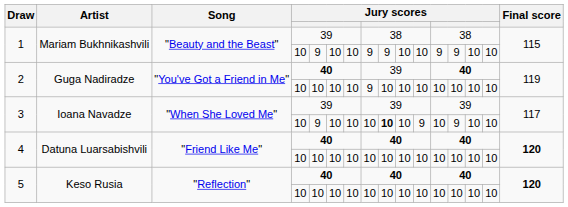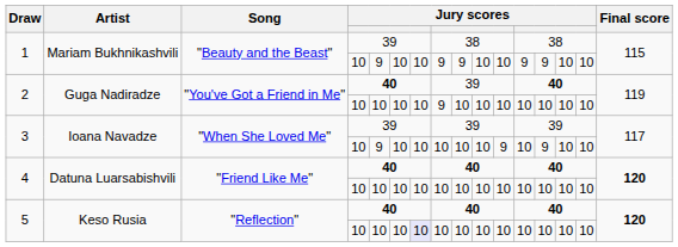 <table class="sortable wikitable" style="text-align:center;margin:1em auto 1em auto">
 <tr>
 <th scope="col" rowspan=2>Draw</th>
 <th scope="col" rowspan=2>Artist</th>
 <th scope="col" rowspan=2>Song</th>
 <th scope="col" colspan=12>Jury scores</th>
 <th scope="col" rowspan=2>Final score</th>
 </tr>
 <tr>
 <th scope="col" class="unsortable" colspan=4><small></small></th>
 <th scope="col" class="unsortable" colspan=4><small></small></th>
 <th scope="col" class="unsortable" colspan=4><small></small></th>
 </tr>
 <tr>
 <td rowspan=2>1</td>
 <td rowspan=2>Mariam Bukhnikashvili</td>
 <td rowspan=2>"<a href='#'>Beauty and the Beast</a>"<br></td>
 <td colspan=4>39</td>
 <td colspan=4>38</td>
 <td colspan=4>38</td>
 <td rowspan=2>115</td>
 </tr>
 <tr>
 <td>10</td>
 <td>9</td>
 <td>10</td>
 <td>10</td>
 <td>9</td>
 <td>9</td>
 <td>10</td>
 <td>10</td>
 <td>9</td>
 <td>9</td>
 <td>10</td>
 <td>10</td>
 </tr>
 <tr>
 <td rowspan=2>2</td>
 <td rowspan=2>Guga Nadiradze</td>
 <td rowspan=2>"<a href='#'>You've Got a Friend in Me</a>"<br></td>
 <td colspan=4><strong>40</strong></td>
 <td colspan=4>39</td>
 <td colspan=4><strong>40</strong></td>
 <td rowspan=2>119</td>
 </tr>
 <tr>
 <td>10</td>
 <td>10</td>
 <td>10</td>
 <td>10</td>
 <td>9</td>
 <td>10</td>
 <td>10</td>
 <td>10</td>
 <td>10</td>
 <td>10</td>
 <td>10</td>
 <td>10</td>
 </tr>
 <tr>
 <td rowspan=2>3</td>
 <td rowspan=2>Ioana Navadze</td>
 <td rowspan=2>"<a href='#'>When She Loved Me</a>"<br></td>
 <td colspan=4>39</td>
 <td colspan=4>39</td>
 <td colspan=4>39</td>
 <td rowspan=2>117</td>
 </tr>
 <tr>
 <td>10</td>
 <td>9</td>
 <td>10</td>
 <td>10</td>
 <td>10</td>
-<td><strong>10</strong></td>
+<td>10</td>
 <td>10</td>
 <td>9</td>
 <td>10</td>
 <td>9</td>
 <td>10</td>
 <td>10</td>
 </tr>
 <tr>
 <td rowspan=2>4</td>
 <td rowspan=2>Datuna Luarsabishvili</td>
 <td rowspan=2>"<a href='#'>Friend Like Me</a>"<br></td>
 <td colspan=4><strong>40</strong></td>
 <td colspan=4><strong>40</strong></td>
 <td colspan=4><strong>40</strong></td>
 <td rowspan=2><strong>120</strong></td>
 </tr>
 <tr>
 <td>10</td>
 <td>10</td>
 <td>10</td>
 <td>10</td>
 <td>10</td>
 <td>10</td>
 <td>10</td>
 <td>10</td>
 <td>10</td>
 <td>10</td>
 <td>10</td>
 <td>10</td>
 </tr>
 <tr>
 <td rowspan=2>5</td>
 <td rowspan=2>Keso Rusia</td>
 <td rowspan=2>"<a href='#'>Reflection</a>"<br></td>
 <td colspan=4><strong>40</strong></td>
 <td colspan=4><strong>40</strong></td>
 <td colspan=4><strong>40</strong></td>
 <td rowspan=2><strong>120</strong></td>
 </tr>
 <tr>
 <td>10</td>
 <td>10</td>
 <td>10</td>
-<td>10</td>
+<td style="background: lavender;">10</td>
 <td>10</td>
 <td>10</td>
 <td>10</td>
 <td>10</td>
 <td>10</td>
 <td>10</td>
 <td>10</td>
 <td>10</td>
 </tr>
 </table>
